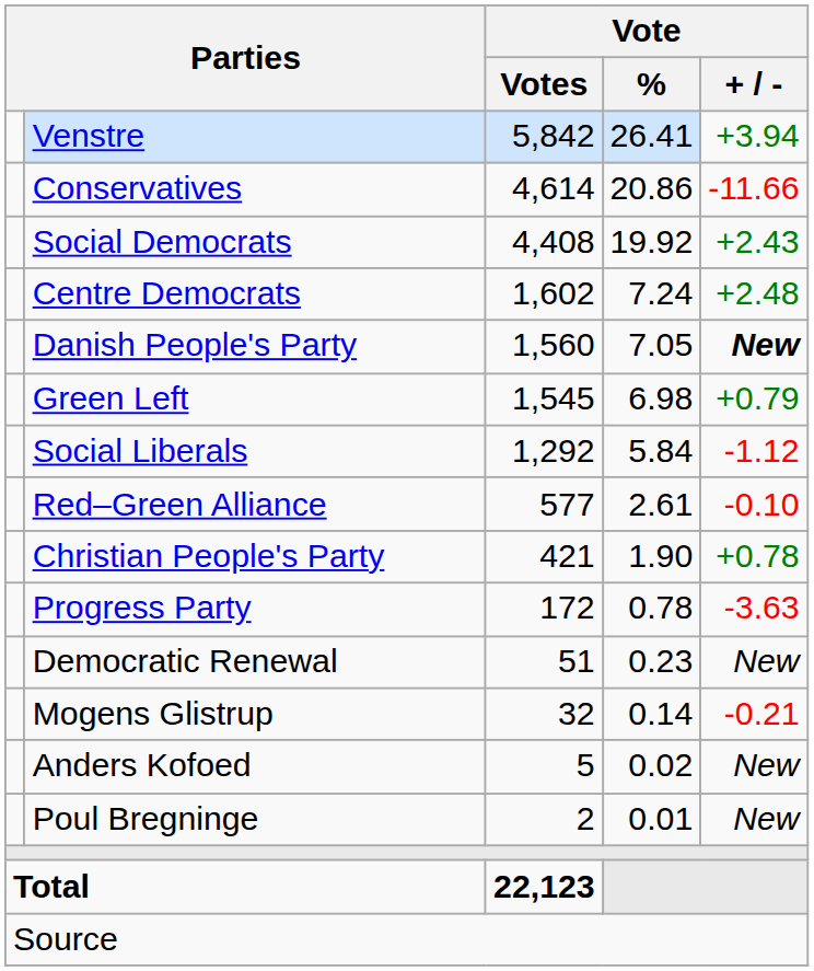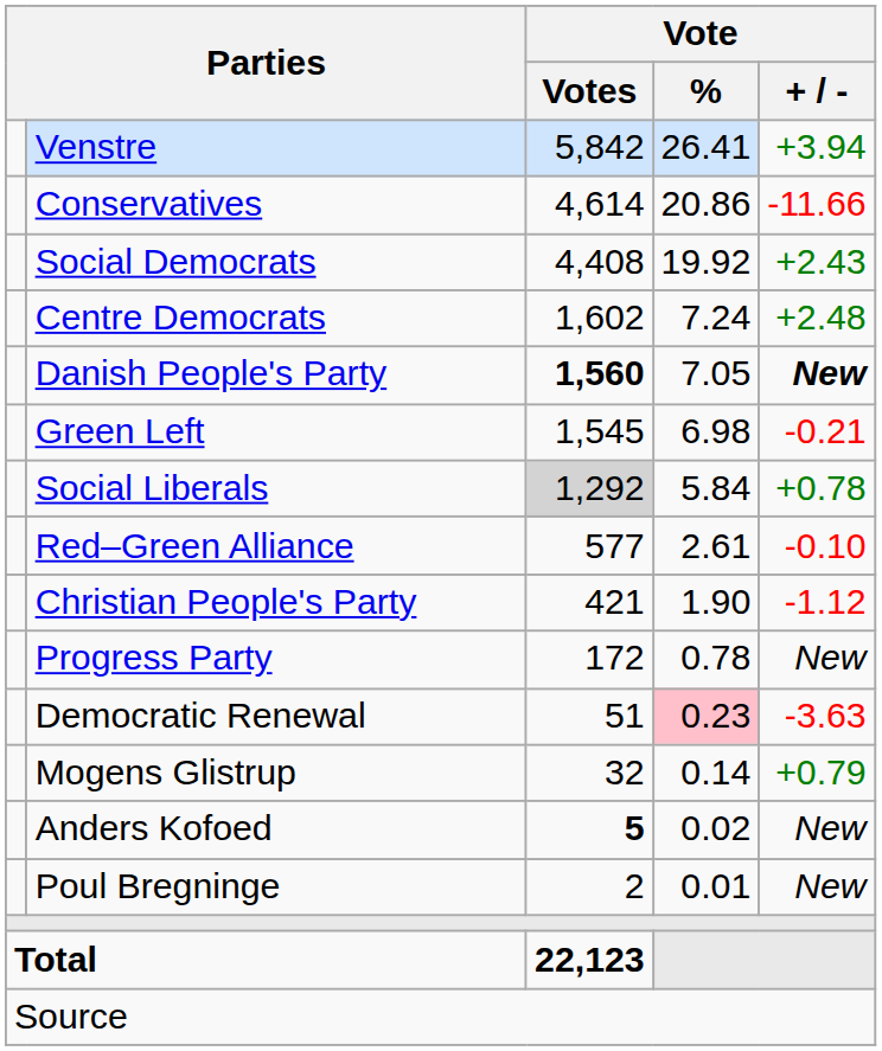 <table class="wikitable" style="text-align:right;">
 <tr>
 <th style="text-align:centre;" rowspan="2" colspan="2" width="225">Parties</th>
 <th colspan="3">Vote</th>
 </tr>
 <tr>
 <th width="15">Votes</th>
 <th width="15">%</th>
 <th width="15">+ / -</th>
 </tr>
 <tr>
 <td width="2" style="color:inherit;background:"></td>
 <td bgcolor=#cfe5fe  align="left"><a href='#'>Venstre</a></td>
 <td bgcolor=#cfe5fe>5,842</td>
 <td bgcolor=#cfe5fe>26.41</td>
 <td style=color:green;>+3.94</td>
 </tr>
 <tr>
 <td width="2" style="color:inherit;background:"></td>
 <td align="left"><a href='#'>Conservatives</a></td>
 <td>4,614</td>
 <td>20.86</td>
 <td style=color:red;>-11.66</td>
 </tr>
 <tr>
 <td width="2" style="color:inherit;background:"></td>
 <td align="left"><a href='#'>Social Democrats</a></td>
 <td>4,408</td>
 <td>19.92</td>
 <td style=color:green;>+2.43</td>
 </tr>
 <tr>
 <td width="2" style="color:inherit;background:"></td>
 <td align="left"><a href='#'>Centre Democrats</a></td>
 <td>1,602</td>
 <td>7.24</td>
 <td style=color:green;>+2.48</td>
 </tr>
 <tr>
 <td width="2" style="color:inherit;background:"></td>
 <td align="left"><a href='#'>Danish People's Party</a></td>
-<td>1,560</td>
+<td><strong>1,560</strong></td>
 <td>7.05</td>
 <td><strong><em>New</em></strong></td>
 </tr>
 <tr>
 <td width="2" style="color:inherit;background:"></td>
 <td align="left"><a href='#'>Green Left</a></td>
 <td>1,545</td>
 <td>6.98</td>
-<td style=color:green;>+0.79</td>
+<td style=color:red;>-0.21</td>
 </tr>
 <tr>
 <td width="2" style="color:inherit;background:"></td>
 <td align="left"><a href='#'>Social Liberals</a></td>
-<td>1,292</td>
+<td style="background: lightgrey;">1,292</td>
 <td>5.84</td>
-<td style=color:red;>-1.12</td>
+<td style=color:green;>+0.78</td>
 </tr>
 <tr>
 <td width="2" style="color:inherit;background:"></td>
 <td align="left"><a href='#'>Red–Green Alliance</a></td>
 <td>577</td>
 <td>2.61</td>
 <td style=color:red;>-0.10</td>
 </tr>
 <tr>
 <td width="2" style="color:inherit;background:"></td>
 <td align="left"><a href='#'>Christian People's Party</a></td>
 <td>421</td>
 <td>1.90</td>
-<td style=color:green;>+0.78</td>
+<td style=color:red;>-1.12</td>
 </tr>
 <tr>
 <td width="2" style="color:inherit;background:"></td>
 <td align="left"><a href='#'>Progress Party</a></td>
 <td>172</td>
 <td>0.78</td>
-<td style=color:red;>-3.63</td>
+<td><em>New</em></td>
 </tr>
 <tr>
 <td width="2" style="color:inherit;background:"></td>
 <td align="left">Democratic Renewal</td>
 <td>51</td>
-<td>0.23</td>
-<td><em>New</em></td>
+<td style="background: pink;">0.23</td>
+<td style=color:red;>-3.63</td>
 </tr>
 <tr>
 <td width="2" style="color:inherit;background:"></td>
 <td align="left">Mogens Glistrup</td>
 <td>32</td>
 <td>0.14</td>
-<td style=color:red;>-0.21</td>
+<td style=color:green;>+0.79</td>
 </tr>
 <tr>
 <td width="2" style="color:inherit;background:"></td>
 <td align="left">Anders Kofoed</td>
-<td>5</td>
+<td><strong>5</strong></td>
 <td>0.02</td>
 <td><em>New</em></td>
 </tr>
 <tr>
 <td width="2" style="color:inherit;background:"></td>
 <td align="left">Poul Bregninge</td>
 <td>2</td>
 <td>0.01</td>
 <td><em>New</em></td>
 </tr>
 <tr>
 <td colspan="7" bgcolor="#E9E9E9"></td>
 </tr>
 <tr>
 <td align="left" colspan="2"><strong>Total</strong></td>
 <td><strong>22,123</strong></td>
 <td bgcolor="#E9E9E9" colspan="2"></td>
 </tr>
 <tr>
 <td align="left" colspan="6">Source</td>
 </tr>
 </table>
